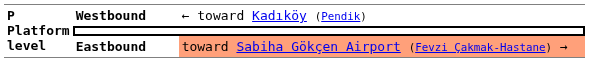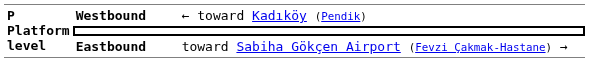 <table table border=0 cellspacing=0 cellpadding=3>
 <tr>
 <td style="border-top:solid 1px gray;border-bottom:solid 1px gray;" width=50 rowspan=3 valign=top><strong>P<br>Platform level</strong></td>
 <td style="border-top:solid 1px gray;" width=100><strong>Westbound</strong></td>
 <td style="border-top:solid 1px gray;" width=400>←  toward <a href='#'>Kadıköy</a> <small>(<a href='#'>Pendik</a>)</small></td>
 </tr>
 <tr>
 <td style="border-top:solid 2px black;border-right:solid 2px black;border-left:solid 2px black;border-bottom:solid 2px black;text-align:center;" colspan=2></td>
 </tr>
 <tr>
 <td style="border-bottom:solid 1px gray;"><strong>Eastbound</strong></td>
-<td style="background: lightsalmon; border-bottom:solid 1px gray;"> toward <a href='#'>Sabiha Gökçen Airport</a> <small>(<a href='#'>Fevzi Çakmak-Hastane</a>)</small> →</td>
+<td style="border-bottom:solid 1px gray;"> toward <a href='#'>Sabiha Gökçen Airport</a> <small>(<a href='#'>Fevzi Çakmak-Hastane</a>)</small> →</td>
 </tr>
 </table>
